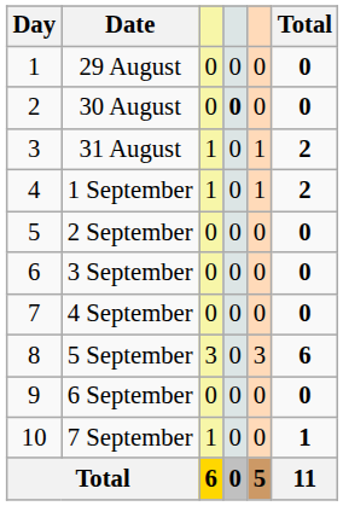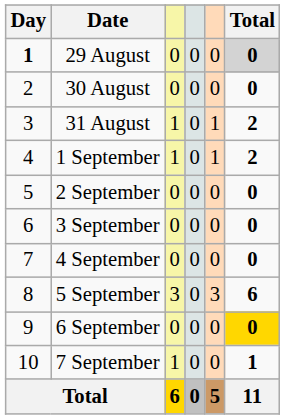 <table class=wikitable style="font-size:85%; float:right; text-align:center">
 <tr>
 <th>Day</th>
 <th>Date</th>
 <td bgcolor=F7F6A8></td>
 <td bgcolor=DCE5E5></td>
 <td bgcolor=FFDAB9></td>
 <th>Total</th>
 </tr>
 <tr>
-<td>1</td>
+<td><strong>1</strong></td>
 <td>29 August</td>
 <td bgcolor=F7F6A8>0</td>
 <td bgcolor=DCE5E5>0</td>
 <td bgcolor=FFDAB9>0</td>
-<td><strong>0</strong></td>
+<td style="background: lightgrey;"><strong>0</strong></td>
 </tr>
 <tr>
 <td>2</td>
 <td>30 August</td>
 <td bgcolor=F7F6A8>0</td>
-<td bgcolor=DCE5E5><strong>0</strong></td>
+<td bgcolor=DCE5E5>0</td>
 <td bgcolor=FFDAB9>0</td>
 <td><strong>0</strong></td>
 </tr>
 <tr>
 <td>3</td>
 <td>31 August</td>
 <td bgcolor=F7F6A8>1</td>
 <td bgcolor=DCE5E5>0</td>
 <td bgcolor=FFDAB9>1</td>
 <td><strong>2</strong></td>
 </tr>
 <tr>
 <td>4</td>
 <td>1 September</td>
 <td bgcolor=F7F6A8>1</td>
 <td bgcolor=DCE5E5>0</td>
 <td bgcolor=FFDAB9>1</td>
 <td><strong>2</strong></td>
 </tr>
 <tr>
 <td>5</td>
 <td>2 September</td>
 <td bgcolor=F7F6A8>0</td>
 <td bgcolor=DCE5E5>0</td>
 <td bgcolor=FFDAB9>0</td>
 <td><strong>0</strong></td>
 </tr>
 <tr>
 <td>6</td>
 <td>3 September</td>
 <td bgcolor=F7F6A8>0</td>
 <td bgcolor=DCE5E5>0</td>
 <td bgcolor=FFDAB9>0</td>
 <td><strong>0</strong></td>
 </tr>
 <tr>
 <td>7</td>
 <td>4 September</td>
 <td bgcolor=F7F6A8>0</td>
 <td bgcolor=DCE5E5>0</td>
 <td bgcolor=FFDAB9>0</td>
 <td><strong>0</strong></td>
 </tr>
 <tr>
 <td>8</td>
 <td>5 September</td>
 <td bgcolor=F7F6A8>3</td>
 <td bgcolor=DCE5E5>0</td>
 <td bgcolor=FFDAB9>3</td>
 <td><strong>6</strong></td>
 </tr>
 <tr>
 <td>9</td>
 <td>6 September</td>
 <td bgcolor=F7F6A8>0</td>
 <td bgcolor=DCE5E5>0</td>
 <td bgcolor=FFDAB9>0</td>
-<td><strong>0</strong></td>
+<td style="background: gold;"><strong>0</strong></td>
 </tr>
 <tr>
 <td>10</td>
 <td>7 September</td>
 <td bgcolor=F7F6A8>1</td>
 <td bgcolor=DCE5E5>0</td>
 <td bgcolor=FFDAB9>0</td>
 <td><strong>1</strong></td>
 </tr>
 <tr>
 <th colspan=2>Total</th>
 <th style=background:gold>6</th>
 <th style=background:silver>0</th>
 <th style=background:#c96>5</th>
 <th>11</th>
 </tr>
 </table>
